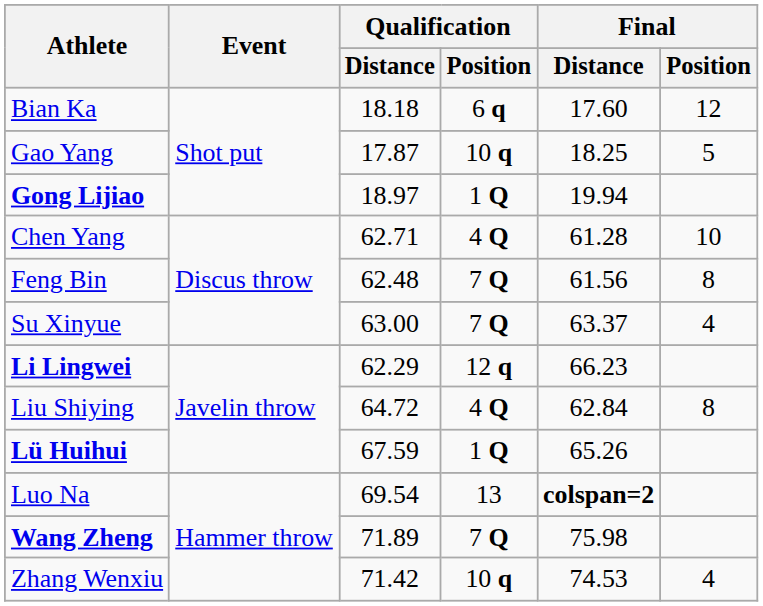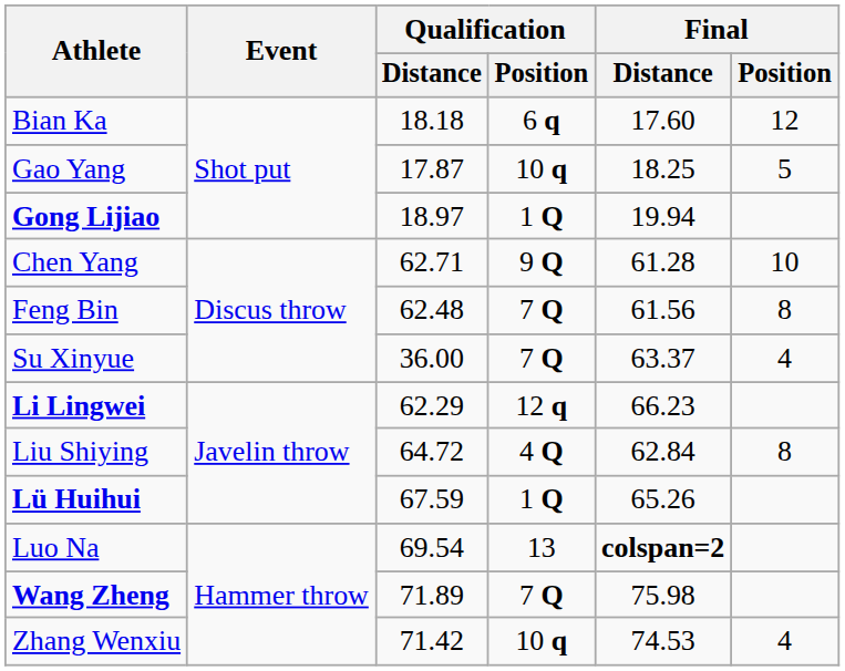 <table class=wikitable style="font-size:90%">
 <tr>
 <th rowspan="2">Athlete</th>
 <th rowspan="2">Event</th>
 <th colspan="2">Qualification</th>
 <th colspan="2">Final</th>
 </tr>
 <tr style="font-size:95%">
 <th>Distance</th>
 <th>Position</th>
 <th>Distance</th>
 <th>Position</th>
 </tr>
 <tr style=text-align:center>
 <td style=text-align:left><a href='#'>Bian Ka</a></td>
 <td style=text-align:left rowspan=3><a href='#'>Shot put</a></td>
 <td>18.18 <strong></strong></td>
 <td>6 <strong>q</strong></td>
 <td>17.60</td>
 <td>12</td>
 </tr>
 <tr style=text-align:center>
 <td style=text-align:left><a href='#'>Gao Yang</a></td>
 <td>17.87</td>
 <td>10 <strong>q</strong></td>
 <td>18.25</td>
 <td>5</td>
 </tr>
 <tr style=text-align:center>
 <td style=text-align:left><strong><a href='#'>Gong Lijiao</a></strong></td>
 <td>18.97</td>
 <td>1 <strong>Q</strong></td>
 <td>19.94</td>
 <td></td>
 </tr>
 <tr style=text-align:center>
 <td style=text-align:left><a href='#'>Chen Yang</a></td>
 <td style=text-align:left  rowspan=3><a href='#'>Discus throw</a></td>
 <td>62.71</td>
-<td>4 <strong>Q</strong></td>
+<td>9 <strong>Q</strong></td>
 <td>61.28</td>
 <td>10</td>
 </tr>
 <tr style=text-align:center>
 <td style=text-align:left><a href='#'>Feng Bin</a></td>
 <td>62.48</td>
 <td>7 <strong>Q</strong></td>
 <td>61.56</td>
 <td>8</td>
 </tr>
 <tr style=text-align:center>
 <td style=text-align:left><a href='#'>Su Xinyue</a></td>
-<td>63.00</td>
+<td>36.00</td>
 <td>7 <strong>Q</strong></td>
 <td>63.37</td>
 <td>4</td>
 </tr>
 <tr style=text-align:center>
 <td style=text-align:left><strong><a href='#'>Li Lingwei</a></strong></td>
 <td style=text-align:left rowspan=3><a href='#'>Javelin throw</a></td>
 <td>62.29</td>
 <td>12 <strong>q</strong></td>
 <td>66.23 <strong></strong></td>
 <td></td>
 </tr>
 <tr style=text-align:center>
 <td style=text-align:left><a href='#'>Liu Shiying</a></td>
 <td>64.72</td>
 <td>4 <strong>Q</strong></td>
 <td>62.84</td>
 <td>8</td>
 </tr>
 <tr style=text-align:center>
 <td style=text-align:left><strong><a href='#'>Lü Huihui</a></strong></td>
 <td>67.59 <strong></strong></td>
 <td>1 <strong>Q</strong></td>
 <td>65.26</td>
 <td></td>
 </tr>
 <tr style=text-align:center>
 <td style=text-align:left><a href='#'>Luo Na</a></td>
 <td style=text-align:left  rowspan=3><a href='#'>Hammer throw</a></td>
 <td>69.54</td>
 <td>13</td>
 <td><strong>colspan=2 </strong></td>
 </tr>
 <tr style=text-align:center>
 <td style=text-align:left><strong><a href='#'>Wang Zheng</a></strong></td>
 <td>71.89</td>
 <td>7 <strong>Q</strong></td>
 <td>75.98</td>
 <td></td>
 </tr>
 <tr style=text-align:center>
 <td style=text-align:left><a href='#'>Zhang Wenxiu</a></td>
 <td>71.42</td>
 <td>10 <strong>q</strong></td>
 <td>74.53 <strong></strong></td>
 <td>4</td>
 </tr>
 </table>
